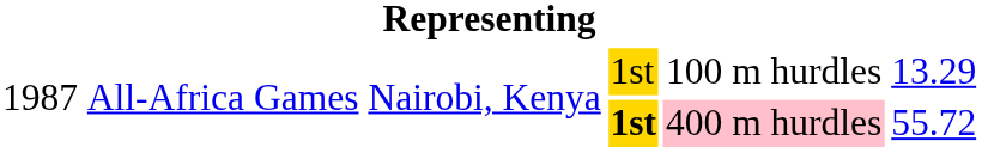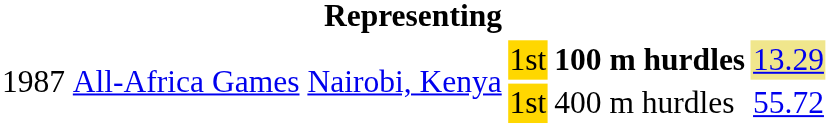 <table>
 <tr>
 <th colspan="6">Representing </th>
 </tr>
 <tr>
 <td rowspan=2>1987</td>
 <td rowspan=2><a href='#'>All-Africa Games</a></td>
 <td rowspan=2><a href='#'>Nairobi, Kenya</a></td>
 <td bgcolor="gold">1st</td>
-<td>100 m hurdles</td>
-<td><a href='#'>13.29</a></td>
+<td><strong>100 m hurdles</strong></td>
+<td style="background: khaki;"><a href='#'>13.29</a></td>
 </tr>
 <tr>
-<td bgcolor="gold"><strong>1st</strong></td>
-<td style="background: pink;">400 m hurdles</td>
+<td bgcolor="gold">1st</td>
+<td>400 m hurdles</td>
 <td><a href='#'>55.72</a></td>
 </tr>
 </table>
